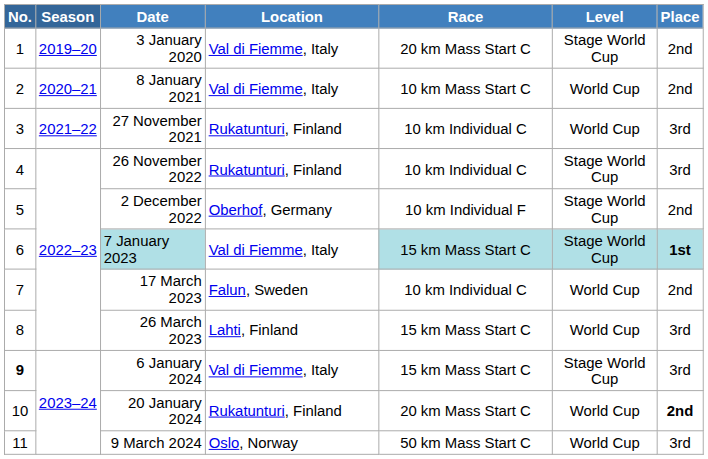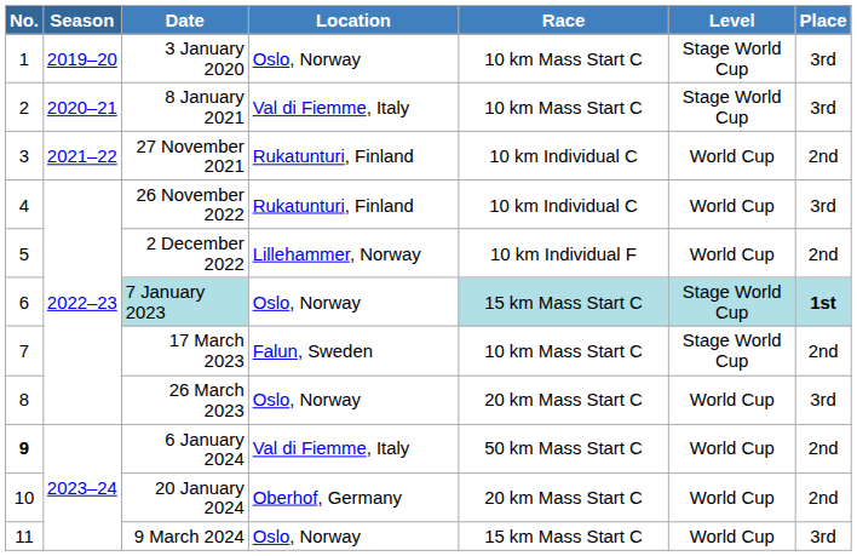 <table class="wikitable sortable" style="font-size:95%; text-align:center; border:grey solid 1px; border-collapse:collapse; background:#ffffff;">
 <tr style="background:#efefef;">
 <th style="background-color:#369; color:white;">No.</th>
 <th style="background-color:#369; color:white;">Season</th>
 <th style="background-color:#4180be; color:white; width:100px;">Date</th>
 <th style="background-color:#4180be; color:white; width:170px;">Location</th>
 <th style="background-color:#4180be; color:white; width:170px;">Race</th>
 <th style="background-color:#4180be; color:white; width:100px;">Level</th>
 <th style="background-color:#4180be; color:white;">Place</th>
 </tr>
 <tr>
 <td align=center>1</td>
 <td align=center><a href='#'>2019–20</a></td>
 <td align=right>3 January 2020</td>
-<td align=left> <a href='#'>Val di Fiemme</a>, Italy</td>
-<td>20 km Mass Start C</td>
+<td align=left> <a href='#'>Oslo</a>, Norway</td>
+<td>10 km Mass Start C</td>
 <td>Stage World Cup</td>
-<td>2nd</td>
+<td>3rd</td>
 </tr>
 <tr>
 <td align=center>2</td>
 <td align=center><a href='#'>2020–21</a></td>
 <td align=right>8 January 2021</td>
 <td align=left> <a href='#'>Val di Fiemme</a>, Italy</td>
 <td>10 km Mass Start C</td>
-<td>World Cup</td>
-<td>2nd</td>
+<td>Stage World Cup</td>
+<td>3rd</td>
 </tr>
 <tr>
 <td align=center>3</td>
 <td rowspan="1" align="center"><a href='#'>2021–22</a></td>
 <td align=right>27 November 2021</td>
 <td align=left> <a href='#'>Rukatunturi</a>, Finland</td>
 <td>10 km Individual C</td>
 <td>World Cup</td>
-<td>3rd</td>
+<td>2nd</td>
 </tr>
 <tr>
 <td align=center>4</td>
 <td rowspan="5" align="center"><a href='#'>2022–23</a></td>
 <td align=right>26 November 2022</td>
 <td align=left> <a href='#'>Rukatunturi</a>, Finland</td>
 <td>10 km Individual C</td>
-<td>Stage World Cup</td>
+<td>World Cup</td>
 <td>3rd</td>
 </tr>
 <tr>
 <td align=center>5</td>
 <td align=right>2 December 2022</td>
-<td align=left> <a href='#'>Oberhof</a>, Germany</td>
+<td align=left> <a href='#'>Lillehammer</a>, Norway</td>
 <td>10 km Individual F</td>
-<td>Stage World Cup</td>
+<td>World Cup</td>
 <td>2nd</td>
 </tr>
 <tr>
 <td align=center>6</td>
 <td align=left bgcolor="#BOEOE6" align=right>7 January 2023</td>
-<td align=left> <a href='#'>Val di Fiemme</a>, Italy</td>
+<td align=left> <a href='#'>Oslo</a>, Norway</td>
 <td bgcolor="#BOEOE6" align=center>15 km Mass Start C</td>
 <td bgcolor="#BOEOE6">Stage World Cup</td>
 <td bgcolor="#BOEOE6"><strong>1st</strong></td>
 </tr>
 <tr>
 <td align=center>7</td>
 <td align=right>17 March 2023</td>
 <td align=left> <a href='#'>Falun</a>, Sweden</td>
-<td>10 km Individual C</td>
-<td>World Cup</td>
+<td>10 km Mass Start C</td>
+<td>Stage World Cup</td>
 <td>2nd</td>
 </tr>
 <tr>
 <td align=center>8</td>
 <td align=right>26 March 2023</td>
-<td align=left> <a href='#'>Lahti</a>, Finland</td>
-<td>15 km Mass Start C</td>
+<td align=left> <a href='#'>Oslo</a>, Norway</td>
+<td>20 km Mass Start C</td>
 <td>World Cup</td>
 <td>3rd</td>
 </tr>
 <tr>
 <td align=center><strong>9</strong></td>
 <td rowspan="3" align=center><a href='#'>2023–24</a></td>
 <td align=right>6 January 2024</td>
 <td align=left> <a href='#'>Val di Fiemme</a>, Italy</td>
-<td>15 km Mass Start C</td>
-<td>Stage World Cup</td>
-<td>3rd</td>
+<td>50 km Mass Start C</td>
+<td>World Cup</td>
+<td>2nd</td>
 </tr>
 <tr>
 <td align=center>10</td>
 <td align=right>20 January 2024</td>
-<td align=left> <a href='#'>Rukatunturi</a>, Finland</td>
+<td align=left> <a href='#'>Oberhof</a>, Germany</td>
 <td>20 km Mass Start C</td>
 <td>World Cup</td>
-<td><strong>2nd</strong></td>
+<td>2nd</td>
 </tr>
 <tr>
 <td align=center>11</td>
 <td align=right>9 March 2024</td>
 <td align=left> <a href='#'>Oslo</a>, Norway</td>
-<td>50 km Mass Start C</td>
+<td>15 km Mass Start C</td>
 <td>World Cup</td>
 <td>3rd</td>
 </tr>
 </table>
